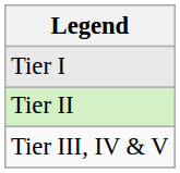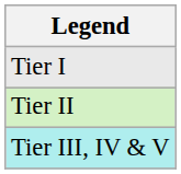 <table class="wikitable" style="font-size:90%;">
 <tr>
 <th>Legend</th>
 </tr>
 <tr>
 <td style="background:#e9e9e9;">Tier I</td>
 </tr>
 <tr>
 <td style="background:#d4f1c5;">Tier II</td>
 </tr>
 <tr>
-<td>Tier III, IV & V</td>
+<td style="background: paleturquoise;">Tier III, IV & V</td>
 </tr>
 </table>
